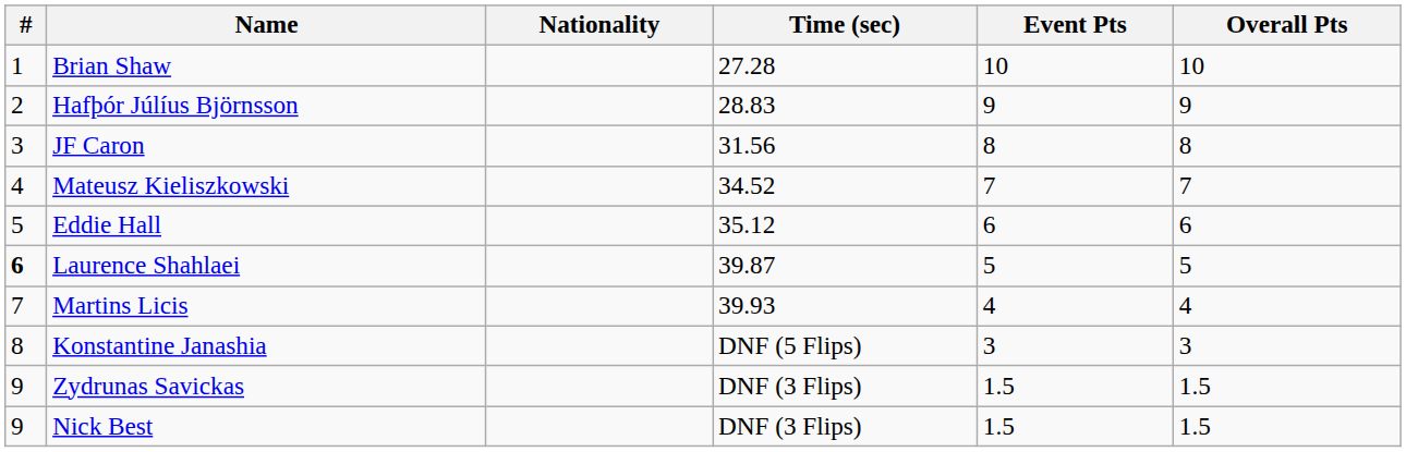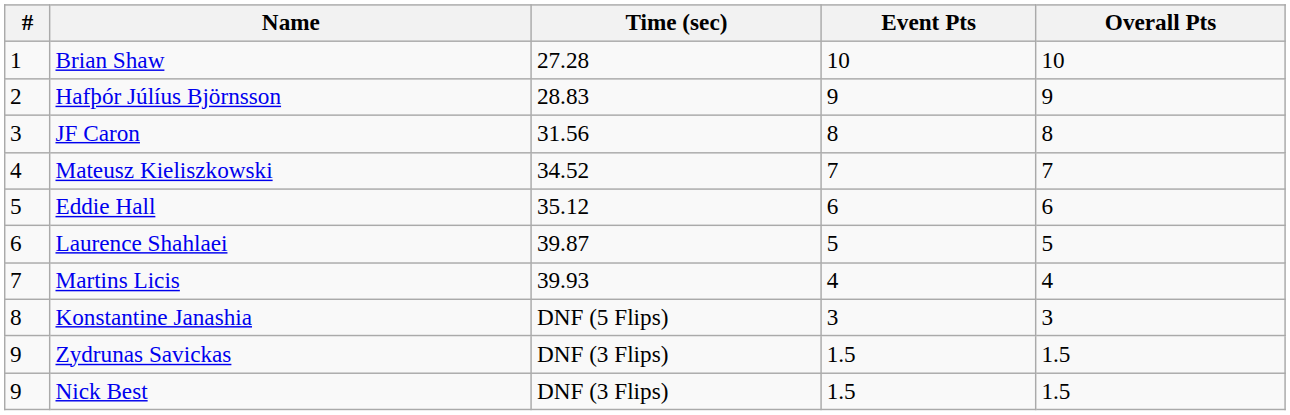 <table class="wikitable sortable" style="display: inline-table; width: 100%;">
 <tr>
 <th>#</th>
 <th>Name</th>
-<th>Nationality</th>
 <th>Time (sec)</th>
 <th>Event Pts</th>
 <th>Overall Pts</th>
 </tr>
 <tr>
 <td>1</td>
 <td><a href='#'>Brian Shaw</a></td>
-<td></td>
 <td>27.28</td>
 <td>10</td>
 <td>10</td>
 </tr>
 <tr>
 <td>2</td>
 <td><a href='#'>Hafþór Júlíus Björnsson</a></td>
-<td></td>
 <td>28.83</td>
 <td>9</td>
 <td>9</td>
 </tr>
 <tr>
 <td>3</td>
 <td><a href='#'>JF Caron</a></td>
-<td></td>
 <td>31.56</td>
 <td>8</td>
 <td>8</td>
 </tr>
 <tr>
 <td>4</td>
 <td><a href='#'>Mateusz Kieliszkowski</a></td>
-<td></td>
 <td>34.52</td>
 <td>7</td>
 <td>7</td>
 </tr>
 <tr>
 <td>5</td>
 <td><a href='#'>Eddie Hall</a></td>
-<td></td>
 <td>35.12</td>
 <td>6</td>
 <td>6</td>
 </tr>
 <tr>
-<td><strong>6</strong></td>
+<td>6</td>
 <td><a href='#'>Laurence Shahlaei</a></td>
-<td></td>
 <td>39.87</td>
 <td>5</td>
 <td>5</td>
 </tr>
 <tr>
 <td>7</td>
 <td><a href='#'>Martins Licis</a></td>
-<td></td>
 <td>39.93</td>
 <td>4</td>
 <td>4</td>
 </tr>
 <tr>
 <td>8</td>
 <td><a href='#'>Konstantine Janashia</a></td>
-<td></td>
 <td>DNF (5 Flips)</td>
 <td>3</td>
 <td>3</td>
 </tr>
 <tr>
 <td>9</td>
 <td><a href='#'>Zydrunas Savickas</a></td>
-<td></td>
 <td>DNF (3 Flips)</td>
 <td>1.5</td>
 <td>1.5</td>
 </tr>
 <tr>
 <td>9</td>
 <td><a href='#'>Nick Best</a></td>
-<td></td>
 <td>DNF (3 Flips)</td>
 <td>1.5</td>
 <td>1.5</td>
 </tr>
 </table>
